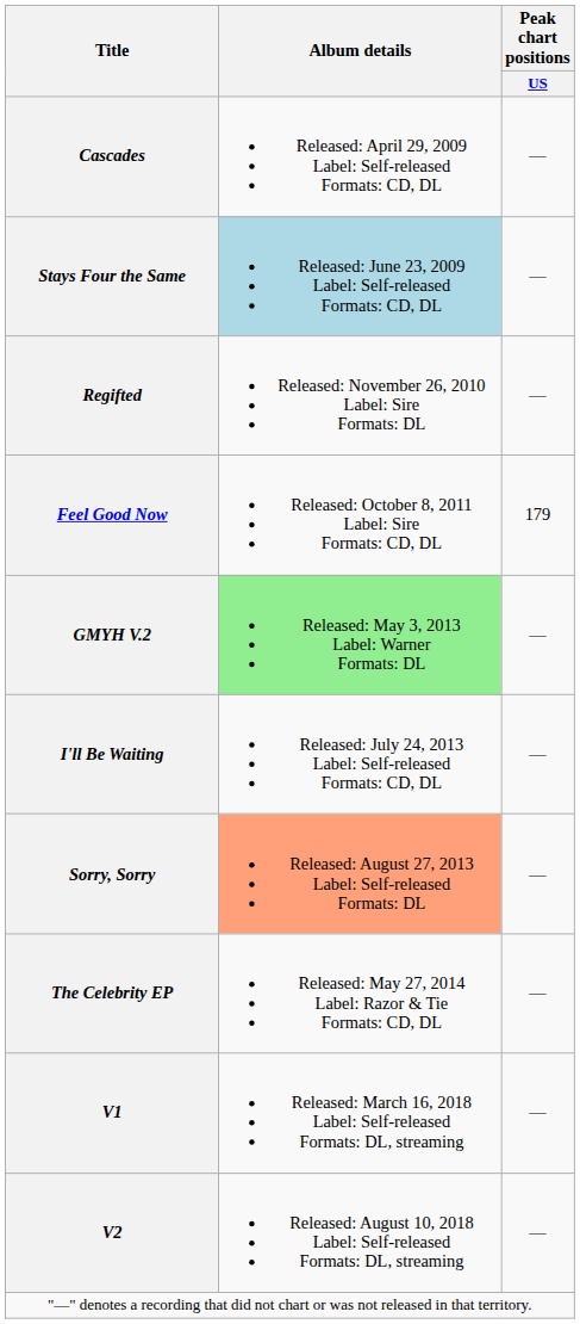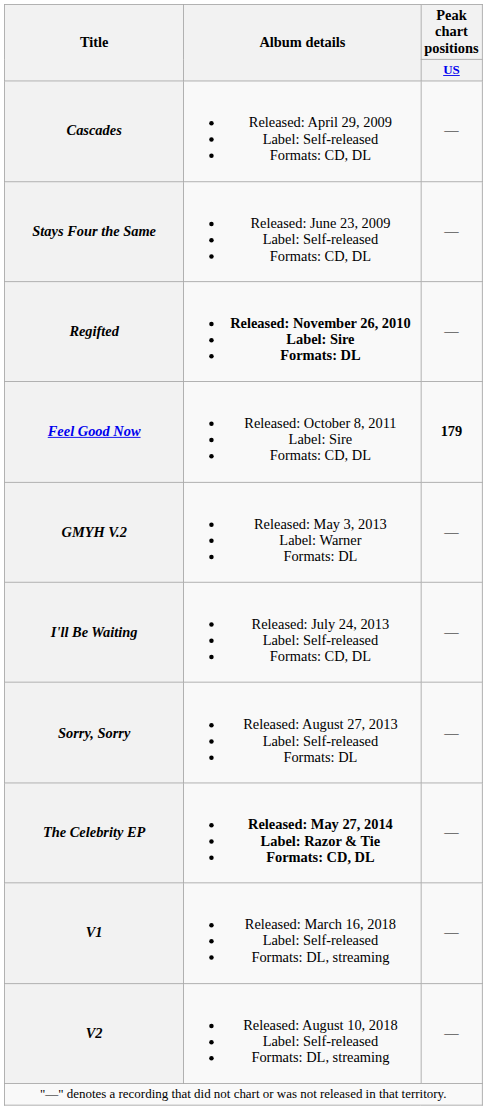 <table class="wikitable plainrowheaders" style="text-align:center;">
 <tr>
 <th scope="col" rowspan="2" style="width:12em;">Title</th>
 <th scope="col" rowspan="2" style="width:16em;">Album details</th>
 <th scope="col" colspan="1">Peak chart positions</th>
 </tr>
 <tr>
 <th scope="col" style="width:2.5em;font-size:90%;"><a href='#'>US</a><br></th>
 </tr>
 <tr>
 <th scope="row"><em>Cascades</em></th>
 <td><br><ul><li>Released: April 29, 2009</li><li>Label: Self-released</li><li>Formats: CD, DL</li></ul></td>
 <td>—</td>
 </tr>
 <tr>
 <th scope="row"><em>Stays Four the Same</em></th>
-<td style="background: lightblue;"><br><ul><li>Released: June 23, 2009</li><li>Label: Self-released</li><li>Formats: CD, DL</li></ul></td>
+<td><br><ul><li>Released: June 23, 2009</li><li>Label: Self-released</li><li>Formats: CD, DL</li></ul></td>
 <td>—</td>
 </tr>
 <tr>
 <th scope="row"><em>Regifted</em></th>
-<td><br><ul><li>Released: November 26, 2010</li><li>Label: Sire</li><li>Formats: DL</li></ul></td>
+<td><strong><br><ul><li>Released: November 26, 2010</li><li>Label: Sire</li><li>Formats: DL</li></ul></strong></td>
 <td>—</td>
 </tr>
 <tr>
 <th scope="row"><em><a href='#'>Feel Good Now</a></em></th>
 <td><br><ul><li>Released: October 8, 2011</li><li>Label: Sire</li><li>Formats: CD, DL</li></ul></td>
-<td>179</td>
+<td><strong>179</strong></td>
 </tr>
 <tr>
 <th scope="row"><em>GMYH V.2</em></th>
-<td style="background: lightgreen;"><br><ul><li>Released: May 3, 2013</li><li>Label: Warner</li><li>Formats: DL</li></ul></td>
+<td><br><ul><li>Released: May 3, 2013</li><li>Label: Warner</li><li>Formats: DL</li></ul></td>
 <td>—</td>
 </tr>
 <tr>
 <th scope="row"><em>I'll Be Waiting</em></th>
 <td><br><ul><li>Released: July 24, 2013</li><li>Label: Self-released</li><li>Formats: CD, DL</li></ul></td>
 <td>—</td>
 </tr>
 <tr>
 <th scope="row"><em>Sorry, Sorry</em></th>
-<td style="background: lightsalmon;"><br><ul><li>Released: August 27, 2013</li><li>Label: Self-released</li><li>Formats: DL</li></ul></td>
+<td><br><ul><li>Released: August 27, 2013</li><li>Label: Self-released</li><li>Formats: DL</li></ul></td>
 <td>—</td>
 </tr>
 <tr>
 <th scope="row"><em>The Celebrity EP</em></th>
-<td><br><ul><li>Released: May 27, 2014</li><li>Label: Razor & Tie</li><li>Formats: CD, DL</li></ul></td>
+<td><strong><br><ul><li>Released: May 27, 2014</li><li>Label: Razor & Tie</li><li>Formats: CD, DL</li></ul></strong></td>
 <td>—</td>
 </tr>
 <tr>
 <th scope="row"><em>V1</em></th>
 <td><br><ul><li>Released: March 16, 2018</li><li>Label: Self-released</li><li>Formats: DL, streaming</li></ul></td>
 <td>—</td>
 </tr>
 <tr>
 <th scope="row"><em>V2</em></th>
 <td><br><ul><li>Released: August 10, 2018</li><li>Label: Self-released</li><li>Formats: DL, streaming</li></ul></td>
 <td>—</td>
 </tr>
 <tr>
 <td colspan="12" style="font-size:90%">"—" denotes a recording that did not chart or was not released in that territory.</td>
 </tr>
 </table>
